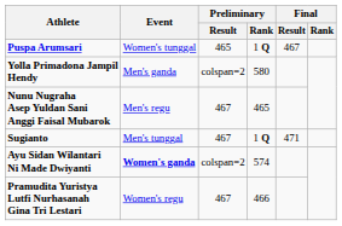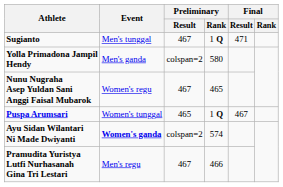 <table class=wikitable style=font-size:90%;text-align:center>
 <tr>
 <th rowspan="2">Athlete</th>
 <th rowspan="2">Event</th>
 <th colspan="2">Preliminary</th>
 <th colspan="2">Final</th>
 </tr>
 <tr style="font-size:95%">
 <th>Result</th>
 <th>Rank</th>
 <th>Result</th>
 <th>Rank</th>
 </tr>
 <tr>
-<td align=left><strong><a href='#'>Puspa Arumsari</a></strong></td>
-<td align=left><a href='#'>Women's tunggal</a></td>
-<td>465</td>
+<td align=left><strong>Sugianto</strong></td>
+<td align=left><a href='#'>Men's tunggal</a></td>
+<td>467</td>
 <td>1 <strong>Q</strong></td>
-<td>467</td>
+<td>471</td>
 <td></td>
 </tr>
 <tr>
 <td align=left><strong>Yolla Primadona Jampil<br>Hendy</strong></td>
 <td align=left><a href='#'>Men's ganda</a></td>
 <td>colspan=2 </td>
 <td>580</td>
 <td></td>
 </tr>
 <tr>
 <td align=left><strong>Nunu Nugraha<br>Asep Yuldan Sani<br>Anggi Faisal Mubarok</strong></td>
-<td align=left><a href='#'>Men's regu</a></td>
+<td align=left><a href='#'>Women's regu</a></td>
 <td>467</td>
 <td>465</td>
 <td></td>
 </tr>
 <tr>
-<td align=left><strong>Sugianto</strong></td>
-<td align=left><a href='#'>Men's tunggal</a></td>
+<td align=left><strong><a href='#'>Puspa Arumsari</a></strong></td>
+<td align=left><a href='#'>Women's tunggal</a></td>
+<td>465</td>
+<td>1 <strong>Q</strong></td>
 <td>467</td>
-<td>1 <strong>Q</strong></td>
-<td>471</td>
 <td></td>
 </tr>
 <tr>
 <td align=left><strong>Ayu Sidan Wilantari<br>Ni Made Dwiyanti</strong></td>
 <td align=left><strong><a href='#'>Women's ganda</a></strong></td>
 <td>colspan=2 </td>
 <td>574</td>
 <td></td>
 </tr>
 <tr>
 <td align=left><strong>Pramudita Yuristya<br>Lutfi Nurhasanah<br>Gina Tri Lestari</strong></td>
-<td align=left><a href='#'>Women's regu</a></td>
+<td align=left><a href='#'>Men's regu</a></td>
 <td>467</td>
 <td>466</td>
 <td></td>
 </tr>
 </table>
